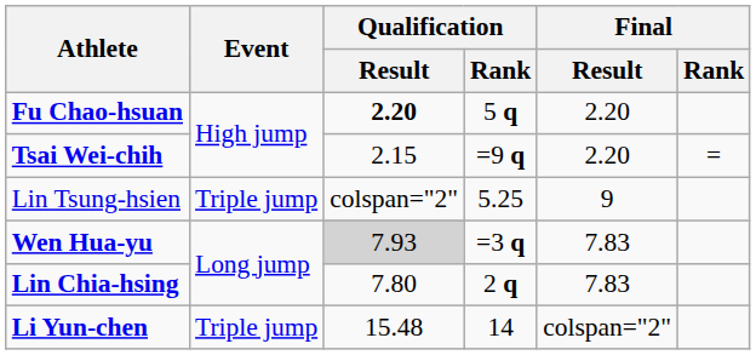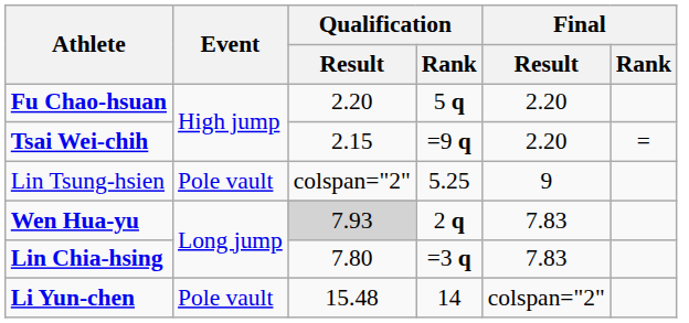 <table class="wikitable" style="font-size:90%; text-align:center">
 <tr>
 <th rowspan="2">Athlete</th>
 <th rowspan="2">Event</th>
 <th colspan="2">Qualification</th>
 <th colspan="2">Final</th>
 </tr>
 <tr>
 <th>Result</th>
 <th>Rank</th>
 <th>Result</th>
 <th>Rank</th>
 </tr>
 <tr>
 <td align="left"><strong><a href='#'>Fu Chao-hsuan</a></strong></td>
 <td align="left" rowspan="2"><a href='#'>High jump</a></td>
-<td><strong>2.20</strong></td>
+<td>2.20</td>
 <td>5 <strong>q</strong></td>
 <td>2.20</td>
 <td></td>
 </tr>
 <tr>
 <td align="left"><strong><a href='#'>Tsai Wei-chih</a></strong></td>
 <td>2.15</td>
 <td>=9 <strong>q</strong></td>
 <td>2.20</td>
 <td>=</td>
 </tr>
 <tr>
 <td align="left"><a href='#'>Lin Tsung-hsien</a></td>
-<td align="left"><a href='#'>Triple jump</a></td>
+<td align="left"><a href='#'>Pole vault</a></td>
 <td>colspan="2" </td>
 <td>5.25 <strong></strong></td>
 <td>9</td>
 </tr>
 <tr>
 <td align="left"><strong><a href='#'>Wen Hua-yu</a></strong></td>
 <td align="left" rowspan="2"><a href='#'>Long jump</a></td>
 <td style="background: lightgrey;">7.93 <strong></strong></td>
-<td>=3 <strong>q</strong></td>
+<td>2 <strong>q</strong></td>
 <td>7.83</td>
 <td></td>
 </tr>
 <tr>
 <td align="left"><strong><a href='#'>Lin Chia-hsing</a></strong></td>
 <td>7.80</td>
-<td>2 <strong>q</strong></td>
+<td>=3 <strong>q</strong></td>
 <td>7.83</td>
 <td></td>
 </tr>
 <tr>
 <td align="left"><strong><a href='#'>Li Yun-chen</a></strong></td>
-<td align="left"><a href='#'>Triple jump</a></td>
+<td align="left"><a href='#'>Pole vault</a></td>
 <td>15.48</td>
 <td>14</td>
 <td>colspan="2" </td>
 </tr>
 </table>
